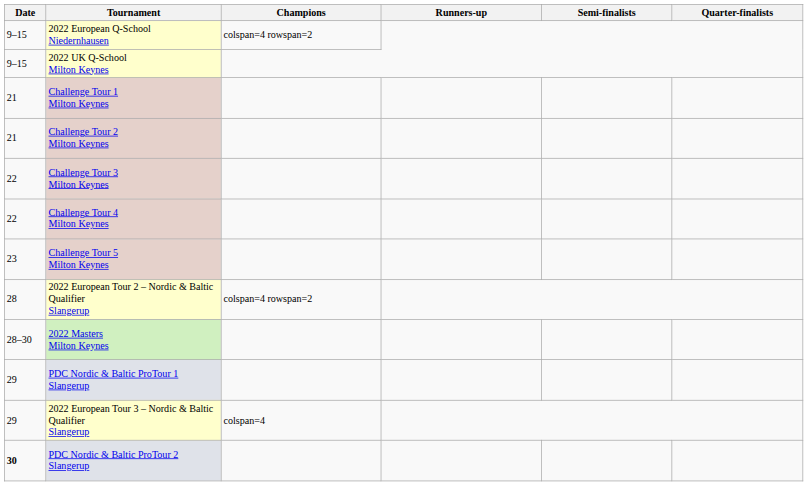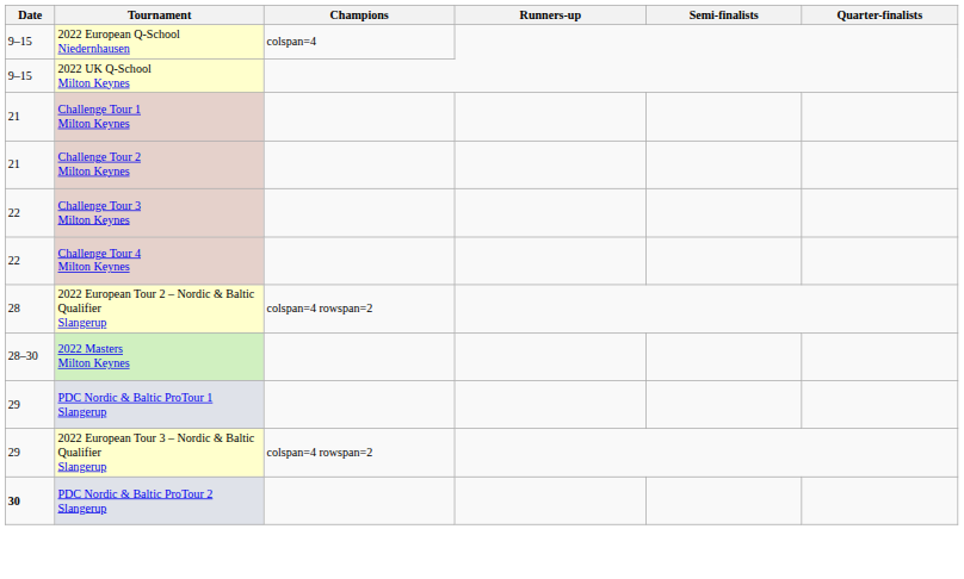 <table class=wikitable style=font-size:85%>
 <tr>
 <th width=50>Date</th>
 <th width=230>Tournament</th>
 <th width=210>Champions</th>
 <th width=210>Runners-up</th>
 <th width=170>Semi-finalists</th>
 <th width=170>Quarter-finalists</th>
 </tr>
 <tr>
 <td>9–15</td>
 <td bgcolor="ffffcc">2022 European Q-School <br> <a href='#'>Niedernhausen</a></td>
-<td>colspan=4 rowspan=2 </td>
+<td>colspan=4 </td>
 </tr>
 <tr>
 <td>9–15</td>
 <td bgcolor="ffffcc">2022 UK Q-School <br> <a href='#'>Milton Keynes</a></td>
 </tr>
 <tr>
 <td>21</td>
 <td bgcolor="#e5d1cb"><a href='#'>Challenge Tour 1</a> <br>  <a href='#'>Milton Keynes</a></td>
 <td></td>
 <td></td>
 <td> <br> </td>
 <td> <br>  <br>  <br> </td>
 </tr>
 <tr>
 <td>21</td>
 <td bgcolor="#e5d1cb"><a href='#'>Challenge Tour 2</a> <br>  <a href='#'>Milton Keynes</a></td>
 <td></td>
 <td></td>
 <td> <br> </td>
 <td> <br>  <br>  <br> </td>
 </tr>
 <tr>
 <td>22</td>
 <td bgcolor="#e5d1cb"><a href='#'>Challenge Tour 3</a> <br>  <a href='#'>Milton Keynes</a></td>
 <td></td>
 <td></td>
 <td> <br> </td>
 <td> <br>  <br>  <br> </td>
 </tr>
 <tr>
 <td>22</td>
 <td bgcolor="#e5d1cb"><a href='#'>Challenge Tour 4</a> <br>  <a href='#'>Milton Keynes</a></td>
 <td></td>
 <td></td>
 <td> <br> </td>
 <td> <br>  <br>  <br> </td>
 </tr>
 <tr>
-<td>23</td>
-<td bgcolor="#e5d1cb"><a href='#'>Challenge Tour 5</a> <br>  <a href='#'>Milton Keynes</a></td>
-<td></td>
-<td></td>
-<td> <br> </td>
-<td> <br>  <br>  <br> </td>
-</tr>
-<tr>
 <td>28</td>
 <td bgcolor="ffffcc">2022 European Tour 2 – Nordic & Baltic Qualifier <br> <a href='#'>Slangerup</a></td>
 <td>colspan=4 rowspan=2 </td>
 </tr>
 <tr>
 <td>28–30</td>
 <td bgcolor="#d0f0c0"><a href='#'>2022 Masters</a> <br>  <a href='#'>Milton Keynes</a></td>
 <td></td>
 <td></td>
 <td> <br> </td>
 <td> <br>  <br>  <br> </td>
 </tr>
 <tr>
 <td>29</td>
 <td bgcolor="#dfe2e9"><a href='#'>PDC Nordic & Baltic ProTour 1</a> <br>  <a href='#'>Slangerup</a></td>
 <td></td>
 <td></td>
 <td> <br> </td>
 <td> <br>  <br>  <br> </td>
 </tr>
 <tr>
 <td>29</td>
 <td bgcolor="ffffcc">2022 European Tour 3 – Nordic & Baltic Qualifier <br> <a href='#'>Slangerup</a></td>
-<td>colspan=4 </td>
+<td>colspan=4 rowspan=2 </td>
 </tr>
 <tr>
 <td><strong>30</strong></td>
 <td bgcolor="#dfe2e9"><a href='#'>PDC Nordic & Baltic ProTour 2</a> <br>  <a href='#'>Slangerup</a></td>
 <td></td>
 <td></td>
 <td> <br> </td>
 <td> <br>  <br>  <br> </td>
 </tr>
 </table>
